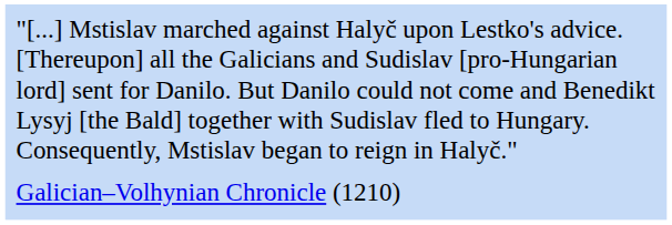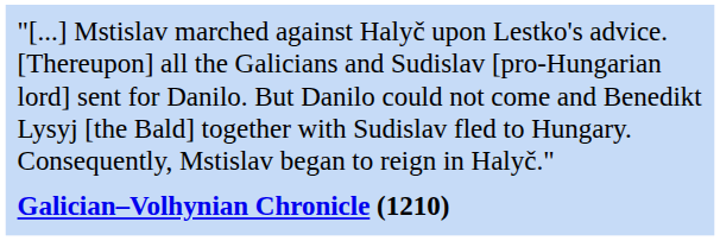 <table class="toccolours" style="float: right; margin-left: 2em; margin-right: 1em; font-size: 85%; background:#c6dbf7; color:black; width:30em; max-width: 40%;" cellspacing="5">
 <tr>
 <td style="text-align: left;">"[...] Mstislav marched against Halyč upon Lestko's advice. [Thereupon] all the Galicians and Sudislav [pro-Hungarian lord] sent for Danilo. But Danilo could not come and Benedikt Lysyj [the Bald] together with Sudislav fled to Hungary. Consequently, Mstislav began to reign in Halyč."</td>
 </tr>
 <tr>
-<td style="text-align: left;"><a href='#'>Galician–Volhynian Chronicle</a> (1210)</td>
+<td style="text-align: left;"><strong><a href='#'>Galician–Volhynian Chronicle</a> (1210)</strong></td>
 </tr>
 </table>
